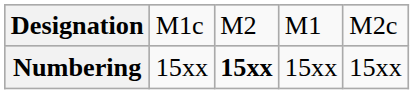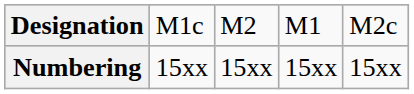 <table class="wikitable">
 <tr>
 <th>Designation</th>
 <td>M1c</td>
 <td>M2</td>
 <td>M1</td>
 <td>M2c</td>
 </tr>
 <tr>
 <th>Numbering</th>
 <td>15xx</td>
-<td><strong>15xx</strong></td>
+<td>15xx</td>
 <td>15xx</td>
 <td>15xx</td>
 </tr>
 </table>
